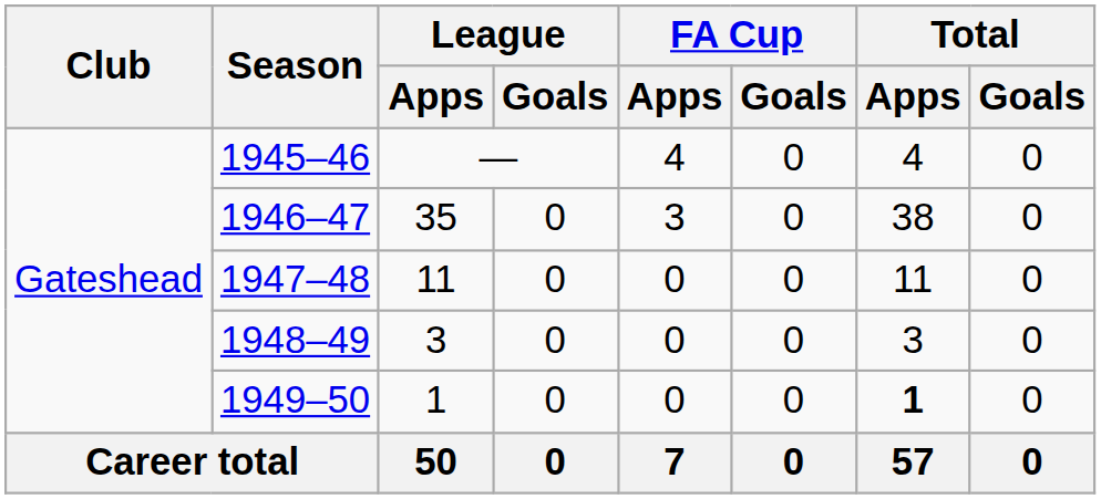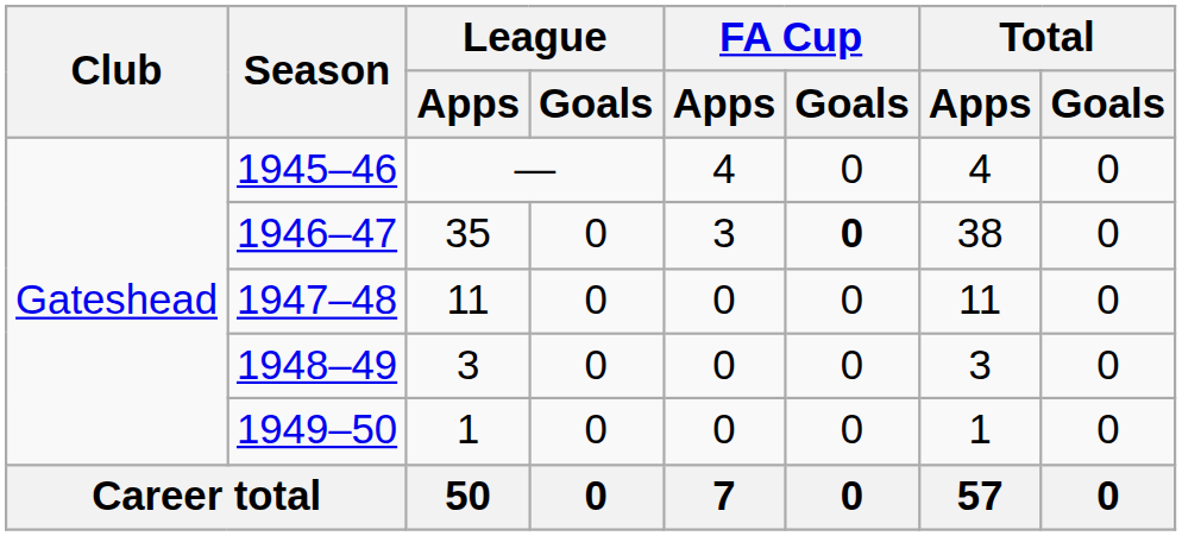 <table class="wikitable" style="text-align:center">
 <tr>
 <th rowspan="2">Club</th>
 <th rowspan="2">Season</th>
 <th colspan="2">League</th>
 <th colspan="2"><a href='#'>FA Cup</a></th>
 <th colspan="2">Total</th>
 </tr>
 <tr>
 <th>Apps</th>
 <th>Goals</th>
 <th>Apps</th>
 <th>Goals</th>
 <th>Apps</th>
 <th>Goals</th>
 </tr>
 <tr>
 <td rowspan="5"><a href='#'>Gateshead</a></td>
 <td><a href='#'>1945–46</a></td>
 <td colspan="2">—</td>
 <td>4</td>
 <td>0</td>
 <td>4</td>
 <td>0</td>
 </tr>
 <tr>
 <td><a href='#'>1946–47</a></td>
 <td>35</td>
 <td>0</td>
 <td>3</td>
-<td>0</td>
+<td><strong>0</strong></td>
 <td>38</td>
 <td>0</td>
 </tr>
 <tr>
 <td><a href='#'>1947–48</a></td>
 <td>11</td>
 <td>0</td>
 <td>0</td>
 <td>0</td>
 <td>11</td>
 <td>0</td>
 </tr>
 <tr>
 <td><a href='#'>1948–49</a></td>
 <td>3</td>
 <td>0</td>
 <td>0</td>
 <td>0</td>
 <td>3</td>
 <td>0</td>
 </tr>
 <tr>
 <td><a href='#'>1949–50</a></td>
 <td>1</td>
 <td>0</td>
 <td>0</td>
 <td>0</td>
-<td><strong>1</strong></td>
+<td>1</td>
 <td>0</td>
 </tr>
 <tr>
 <th colspan="2">Career total</th>
 <th>50</th>
 <th>0</th>
 <th>7</th>
 <th>0</th>
 <th>57</th>
 <th>0</th>
 </tr>
 </table>
